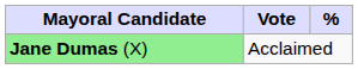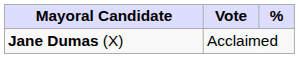 <table class="wikitable">
 <tr>
 <th style="background:#ddf; width:200px;">Mayoral Candidate</th>
 <th style="background:#ddf; width:50px;">Vote</th>
 <th style="background:#ddf; width:30px;">%</th>
 </tr>
 <tr>
-<td style="background: lightgreen;"><strong>Jane Dumas</strong> (X)</td>
+<td><strong>Jane Dumas</strong> (X)</td>
 <td colspan="2">Acclaimed</td>
 </tr>
 </table>
